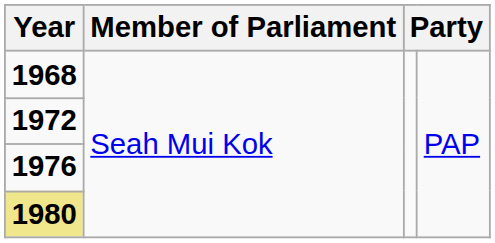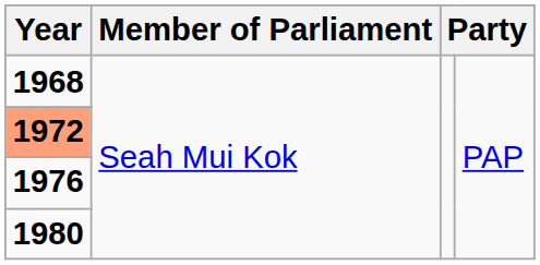 <table class="wikitable">
 <tr>
 <th>Year</th>
 <th>Member of Parliament</th>
 <th colspan="2">Party</th>
 </tr>
 <tr>
 <td><strong>1968</strong></td>
 <td rowspan="4"><a href='#'>Seah Mui Kok</a></td>
 <td rowspan="4"></td>
 <td rowspan="4"><a href='#'>PAP</a></td>
 </tr>
 <tr>
-<td><strong>1972</strong></td>
+<td style="background: lightsalmon;"><strong>1972</strong></td>
 </tr>
 <tr>
 <td><strong>1976</strong></td>
 </tr>
 <tr>
-<td style="background: khaki;"><strong>1980</strong></td>
+<td><strong>1980</strong></td>
 </tr>
 </table>
